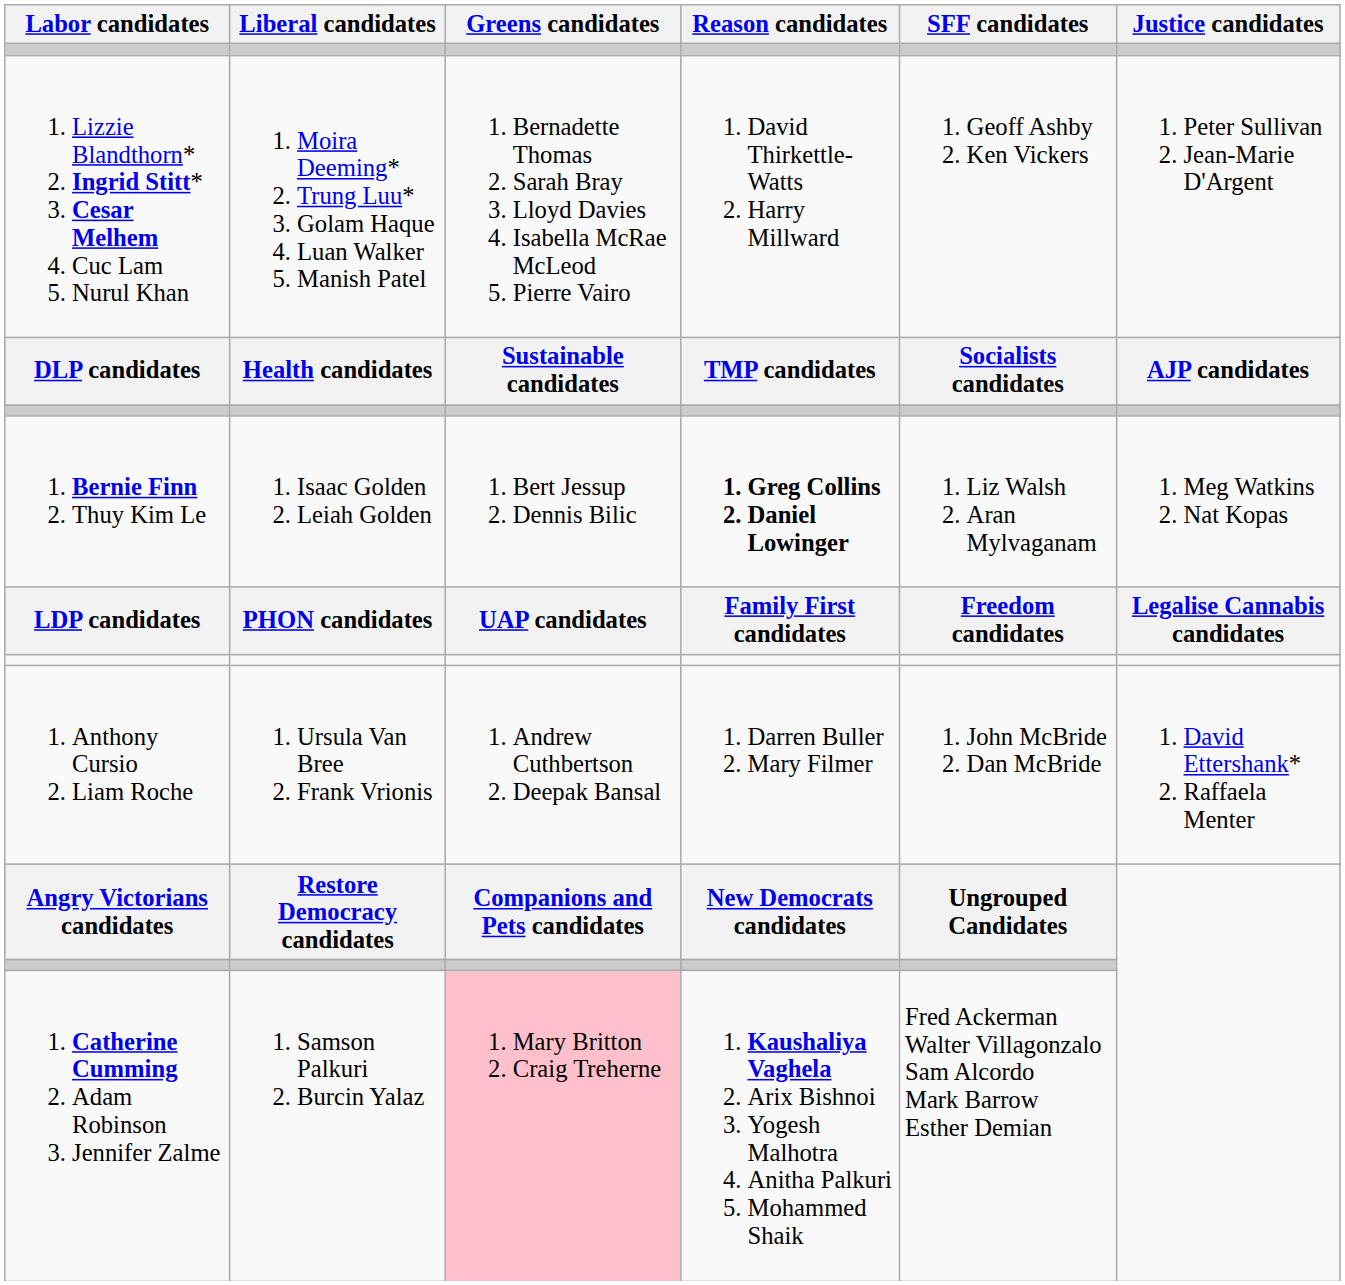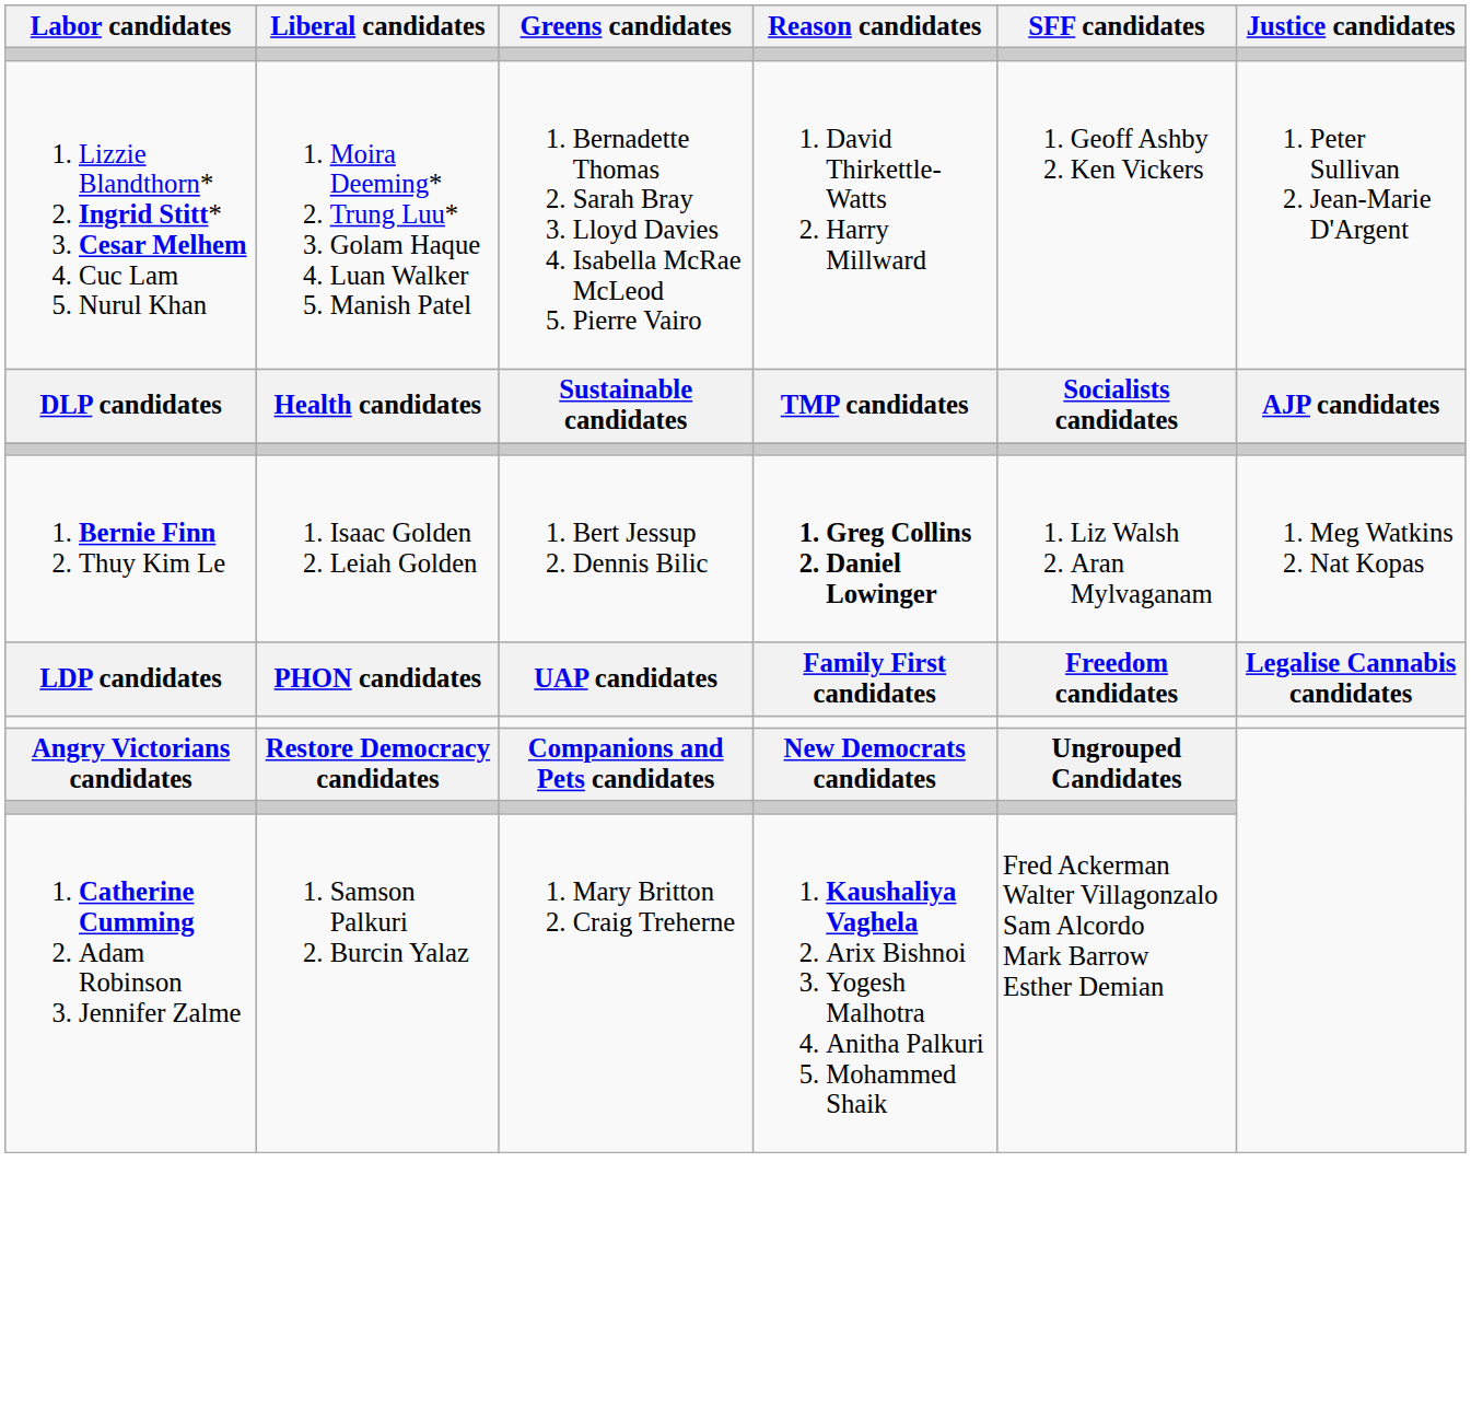 <table class="wikitable" style="max-width:90em";>
 <tr>
 <th><a href='#'>Labor</a> candidates</th>
 <th><a href='#'>Liberal</a> candidates</th>
 <th><a href='#'>Greens</a> candidates</th>
 <th><a href='#'>Reason</a> candidates</th>
 <th><a href='#'>SFF</a> candidates</th>
 <th><a href='#'>Justice</a> candidates</th>
 </tr>
 <tr style="background:#ccc;">
 <td></td>
 <td></td>
 <td></td>
 <td></td>
 <td></td>
 <td></td>
 </tr>
 <tr>
 <td><br><ol><li><a href='#'>Lizzie Blandthorn</a>*</li><li><strong><a href='#'>Ingrid Stitt</a></strong>*</li><li><strong><a href='#'>Cesar Melhem</a></strong></li><li>Cuc Lam</li><li>Nurul Khan</li></ol></td>
 <td><br><ol><li><a href='#'>Moira Deeming</a>*</li><li><a href='#'>Trung Luu</a>*</li><li>Golam Haque</li><li>Luan Walker</li><li>Manish Patel</li></ol></td>
 <td valign=top><br><ol><li>Bernadette Thomas</li><li>Sarah Bray</li><li>Lloyd Davies</li><li>Isabella McRae McLeod</li><li>Pierre Vairo</li></ol></td>
 <td valign=top><br><ol><li>David Thirkettle-Watts</li><li>Harry Millward</li></ol></td>
 <td valign=top><br><ol><li>Geoff Ashby</li><li>Ken Vickers</li></ol></td>
 <td valign=top><br><ol><li>Peter Sullivan</li><li>Jean-Marie D'Argent</li></ol></td>
 </tr>
 <tr style="background:#ccc;">
 <th><a href='#'>DLP</a> candidates</th>
 <th><a href='#'>Health</a> candidates</th>
 <th><a href='#'>Sustainable</a> candidates</th>
 <th><a href='#'>TMP</a> candidates</th>
 <th><a href='#'>Socialists</a> candidates</th>
 <th><a href='#'>AJP</a> candidates</th>
 </tr>
 <tr style="background:#ccc;">
 <td></td>
 <td></td>
 <td></td>
 <td></td>
 <td></td>
 <td></td>
 </tr>
 <tr>
 <td valign=top><br><ol><li><strong><a href='#'>Bernie Finn</a></strong></li><li>Thuy Kim Le</li></ol></td>
 <td valign=top><br><ol><li>Isaac Golden</li><li>Leiah Golden</li></ol></td>
 <td valign=top><br><ol><li>Bert Jessup</li><li>Dennis Bilic</li></ol></td>
 <td valign=top><strong><br><ol><li>Greg Collins</li><li>Daniel Lowinger</li></ol></strong></td>
 <td valign=top><br><ol><li>Liz Walsh</li><li>Aran Mylvaganam</li></ol></td>
 <td valign=top><br><ol><li>Meg Watkins</li><li>Nat Kopas</li></ol></td>
 </tr>
 <tr style="background:#ccc;">
 <th><a href='#'>LDP</a> candidates</th>
 <th><a href='#'>PHON</a> candidates</th>
 <th><a href='#'>UAP</a> candidates</th>
 <th><a href='#'>Family First</a> candidates</th>
 <th><a href='#'>Freedom</a> candidates</th>
 <th><a href='#'>Legalise Cannabis</a> candidates</th>
 </tr>
 <tr>
 <td></td>
 <td></td>
 <td></td>
 <td></td>
 <td></td>
 <td></td>
 </tr>
-<tr>
-<td valign=top><br><ol><li>Anthony Cursio</li><li>Liam Roche</li></ol></td>
-<td valign=top><br><ol><li>Ursula Van Bree</li><li>Frank Vrionis</li></ol></td>
-<td valign=top><br><ol><li>Andrew Cuthbertson</li><li>Deepak Bansal</li></ol></td>
-<td valign=top><br><ol><li>Darren Buller</li><li>Mary Filmer</li></ol></td>
-<td valign=top><br><ol><li>John McBride</li><li>Dan McBride</li></ol></td>
-<td><br><ol><li><a href='#'>David Ettershank</a>*</li><li>Raffaela Menter</li></ol></td>
-</tr>
 <tr style="background:#ccc;">
 <th><a href='#'>Angry Victorians</a> candidates</th>
 <th><a href='#'>Restore Democracy</a> candidates</th>
 <th><a href='#'>Companions and Pets</a> candidates</th>
 <th><a href='#'>New Democrats</a> candidates</th>
 <th>Ungrouped Candidates</th>
 </tr>
 <tr style=background:#ccc>
 <td></td>
 <td></td>
 <td></td>
 <td></td>
 <td></td>
 </tr>
 <tr>
 <td valign=top><br><ol><li><strong><a href='#'>Catherine Cumming</a></strong></li><li>Adam Robinson</li><li>Jennifer Zalme</li></ol></td>
 <td valign=top><br><ol><li>Samson Palkuri</li><li>Burcin Yalaz</li></ol></td>
-<td valign=top style="background: pink;"><br><ol><li>Mary Britton</li><li>Craig Treherne</li></ol></td>
+<td valign=top><br><ol><li>Mary Britton</li><li>Craig Treherne</li></ol></td>
 <td valign=top><br><ol><li><strong><a href='#'>Kaushaliya Vaghela</a></strong></li><li>Arix Bishnoi</li><li>Yogesh Malhotra</li><li>Anitha Palkuri</li><li>Mohammed Shaik</li></ol></td>
 <td valign=top><br>Fred Ackerman<br> Walter Villagonzalo<br> Sam Alcordo<br> Mark Barrow<br> Esther Demian</td>
 </tr>
 </table>
